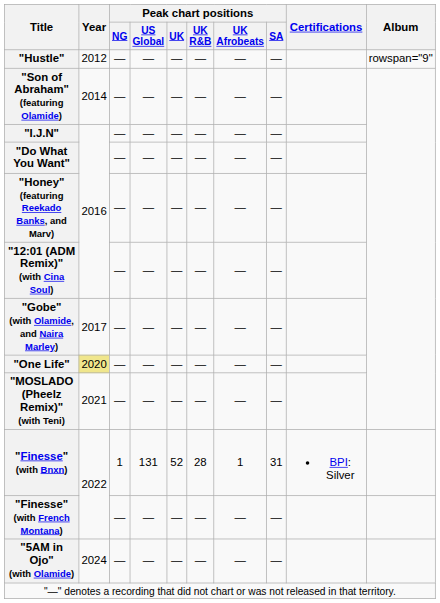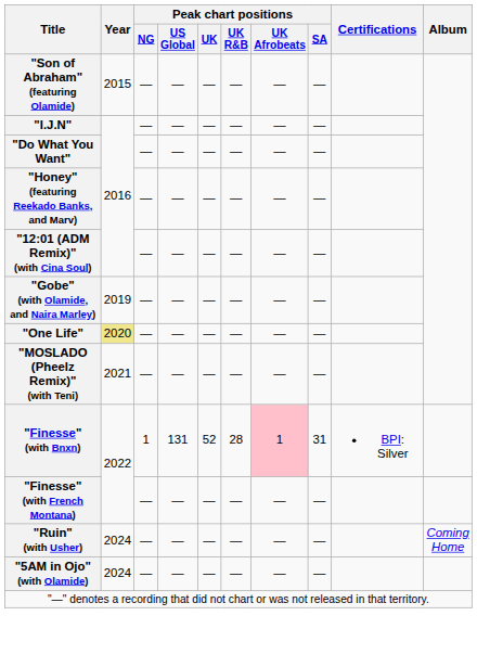 <table class="wikitable plainrowheaders" style="text-align:center;">
 <tr>
 <th scope="col" rowspan="2" style="width:20em;">Title</th>
 <th scope="col" rowspan="2">Year</th>
 <th scope="col" colspan="6">Peak chart positions</th>
 <th scope="col" rowspan="2" style="width:12em;"><a href='#'>Certifications</a></th>
 <th scope="col" rowspan="2">Album</th>
 </tr>
 <tr>
 <th scope="col" style="width:3em;font-size:90%;"><a href='#'>NG</a><br></th>
 <th scope="col" style="width:3em;font-size:90%;"><a href='#'>US<br>Global</a><br></th>
 <th scope="col" style="width:3em;font-size:90%;"><a href='#'>UK</a><br></th>
 <th scope="col" style="width:3em;font-size:90%;"><a href='#'>UK<br>R&B</a><br></th>
 <th scope="col" style="width:3em;font-size:90%;"><a href='#'>UK<br>Afrobeats</a><br></th>
 <th scope="col" style="width:3em;font-size:90%;"><a href='#'>SA</a><br></th>
 </tr>
 <tr>
-<th scope="row">"Hustle"</th>
-<td>2012</td>
-<td>—</td>
-<td>—</td>
-<td>—</td>
-<td>—</td>
-<td>—</td>
-<td>—</td>
-<td></td>
-<td>rowspan="9"</td>
-</tr>
-<tr>
 <th scope="row">"Son of Abraham" <br> <small>(featuring <a href='#'>Olamide</a>)</small></th>
-<td>2014</td>
+<td>2015</td>
 <td>—</td>
 <td>—</td>
 <td>—</td>
 <td>—</td>
 <td>—</td>
 <td>—</td>
 <td></td>
 </tr>
 <tr>
 <th scope="row">"I.J.N"</th>
 <td rowspan="4">2016</td>
 <td>—</td>
 <td>—</td>
 <td>—</td>
 <td>—</td>
 <td>—</td>
 <td>—</td>
 <td></td>
 </tr>
 <tr>
 <th scope="row">"Do What You Want"</th>
 <td>—</td>
 <td>—</td>
 <td>—</td>
 <td>—</td>
 <td>—</td>
 <td>—</td>
 <td></td>
 </tr>
 <tr>
 <th scope="row">"Honey" <br> <small>(featuring <a href='#'>Reekado Banks</a>, and Marv)</small></th>
 <td>—</td>
 <td>—</td>
 <td>—</td>
 <td>—</td>
 <td>—</td>
 <td>—</td>
 <td></td>
 </tr>
 <tr>
 <th scope="row">"12:01 (ADM Remix)" <br> <small>(with <a href='#'>Cina Soul</a>)</small></th>
 <td>—</td>
 <td>—</td>
 <td>—</td>
 <td>—</td>
 <td>—</td>
 <td>—</td>
 <td></td>
 </tr>
 <tr>
 <th scope="row">"Gobe" <br> <small>(with <a href='#'>Olamide</a>, and <a href='#'>Naira Marley</a>)</small></th>
-<td>2017</td>
+<td>2019</td>
 <td>—</td>
 <td>—</td>
 <td>—</td>
 <td>—</td>
 <td>—</td>
 <td>—</td>
 <td></td>
 </tr>
 <tr>
 <th scope="row">"One Life"</th>
 <td style="background: khaki;">2020</td>
 <td>—</td>
 <td>—</td>
 <td>—</td>
 <td>—</td>
 <td>—</td>
 <td>—</td>
 <td></td>
 </tr>
 <tr>
 <th scope="row">"MOSLADO (Pheelz Remix)" <br> <small>(with Teni)</small></th>
 <td>2021</td>
 <td>—</td>
 <td>—</td>
 <td>—</td>
 <td>—</td>
 <td>—</td>
 <td>—</td>
 <td></td>
 </tr>
 <tr>
 <th scope="row">"<a href='#'>Finesse</a>" <br> <small>(with <a href='#'>Bnxn</a>)</small></th>
 <td rowspan="2">2022</td>
 <td>1</td>
 <td>131</td>
 <td>52</td>
 <td>28</td>
-<td>1</td>
+<td style="background: pink;">1</td>
 <td>31</td>
 <td><br><ul><li><a href='#'>BPI</a>: Silver</li></ul></td>
 <td></td>
 </tr>
 <tr>
 <th scope="row">"Finesse"<br><small>(with <a href='#'>French Montana</a>)</small></th>
 <td>—</td>
 <td>—</td>
 <td>—</td>
 <td>—</td>
 <td>—</td>
 <td>—</td>
 <td></td>
 <td></td>
 </tr>
 <tr>
+<th scope="row">"Ruin"<br><small>(with <a href='#'>Usher</a>)</small></th>
+<td>2024</td>
+<td>—</td>
+<td>—</td>
+<td>—</td>
+<td>—</td>
+<td>—</td>
+<td>—</td>
+<td></td>
+<td><em><a href='#'>Coming Home</a></em></td>
+</tr>
+<tr>
 <th scope="row">"5AM in Ojo" <br> <small>(with <a href='#'>Olamide</a>) </small></th>
 <td>2024</td>
 <td>—</td>
 <td>—</td>
 <td>—</td>
 <td>—</td>
 <td>—</td>
 <td>—</td>
 <td></td>
 </tr>
 <tr>
 <td colspan="10" style="font-size:90%">"—" denotes a recording that did not chart or was not released in that territory.</td>
 </tr>
 </table>
